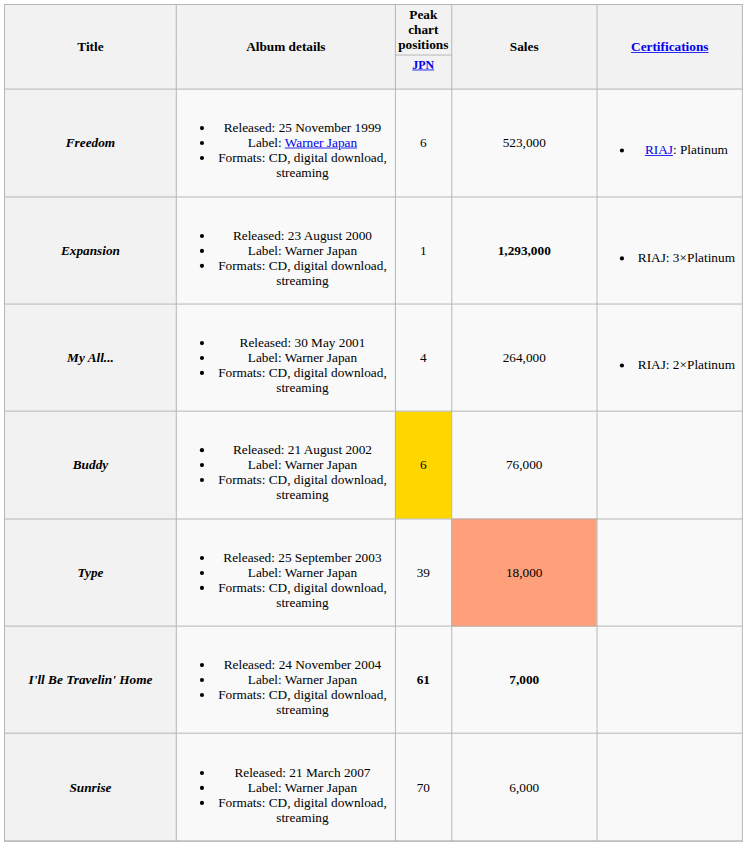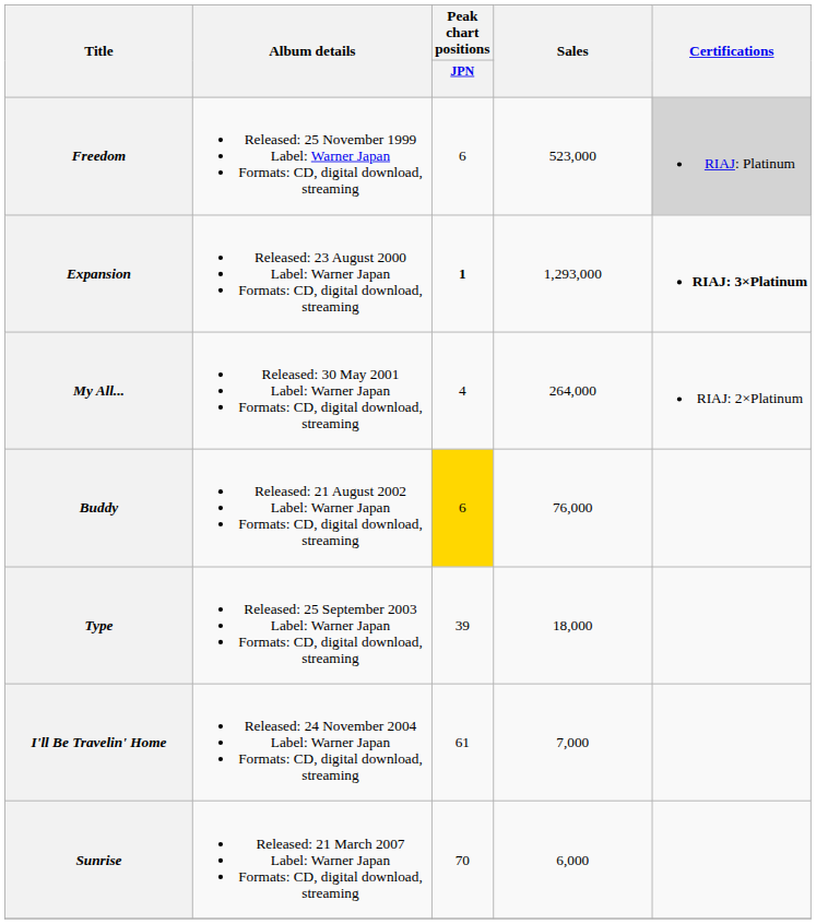 <table class="wikitable plainrowheaders" style="text-align:center;" border="1"|>
 <tr>
 <th scope="col" rowspan="2" style="width:12.5em;">Title</th>
 <th scope="col" rowspan="2" style="width:16em;">Album details</th>
 <th colspan="1">Peak chart positions</th>
 <th scope="col" rowspan="2" style="width:10.5em;">Sales </th>
 <th scope="col" rowspan="2" style="width:10.5em;"><a href='#'>Certifications</a></th>
 </tr>
 <tr>
 <th scope="col" style="width:3em;font-size:90%;"><a href='#'>JPN<br></a><br></th>
 </tr>
 <tr>
 <th scope="row"><em>Freedom</em></th>
 <td><br><ul><li>Released: 25 November 1999</li><li>Label: <a href='#'>Warner Japan</a></li><li>Formats: CD, digital download, streaming</li></ul></td>
 <td>6</td>
 <td>523,000</td>
-<td><br><ul><li><a href='#'>RIAJ</a>: Platinum</li></ul></td>
+<td style="background: lightgrey;"><br><ul><li><a href='#'>RIAJ</a>: Platinum</li></ul></td>
 </tr>
 <tr>
 <th scope="row"><em>Expansion</em></th>
 <td><br><ul><li>Released: 23 August 2000</li><li>Label: Warner Japan</li><li>Formats: CD, digital download, streaming</li></ul></td>
-<td>1</td>
-<td><strong>1,293,000</strong></td>
-<td><br><ul><li>RIAJ: 3×Platinum</li></ul></td>
+<td><strong>1</strong></td>
+<td>1,293,000</td>
+<td><strong><br><ul><li>RIAJ: 3×Platinum</li></ul></strong></td>
 </tr>
 <tr>
 <th scope="row"><em>My All...</em></th>
 <td><br><ul><li>Released: 30 May 2001</li><li>Label: Warner Japan</li><li>Formats: CD, digital download, streaming</li></ul></td>
 <td>4</td>
 <td>264,000</td>
 <td><br><ul><li>RIAJ: 2×Platinum</li></ul></td>
 </tr>
 <tr>
 <th scope="row"><em>Buddy</em></th>
 <td><br><ul><li>Released: 21 August 2002</li><li>Label: Warner Japan</li><li>Formats: CD, digital download, streaming</li></ul></td>
 <td style="background: gold;">6</td>
 <td>76,000</td>
 <td></td>
 </tr>
 <tr>
 <th scope="row"><em>Type</em></th>
 <td><br><ul><li>Released: 25 September 2003</li><li>Label: Warner Japan</li><li>Formats: CD, digital download, streaming</li></ul></td>
 <td>39</td>
-<td style="background: lightsalmon;">18,000</td>
+<td>18,000</td>
 <td></td>
 </tr>
 <tr>
 <th scope="row"><em>I'll Be Travelin' Home</em></th>
 <td><br><ul><li>Released: 24 November 2004</li><li>Label: Warner Japan</li><li>Formats: CD, digital download, streaming</li></ul></td>
-<td><strong>61</strong></td>
-<td><strong>7,000</strong></td>
+<td>61</td>
+<td>7,000</td>
 <td></td>
 </tr>
 <tr>
 <th scope="row"><em>Sunrise</em></th>
 <td><br><ul><li>Released: 21 March 2007</li><li>Label: Warner Japan</li><li>Formats: CD, digital download, streaming</li></ul></td>
 <td>70</td>
 <td>6,000</td>
 <td></td>
 </tr>
 <tr>
 </tr>
 </table>
